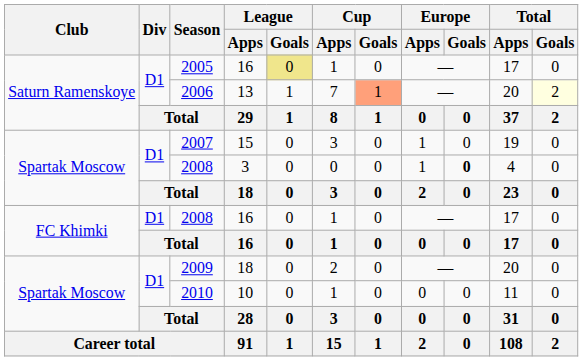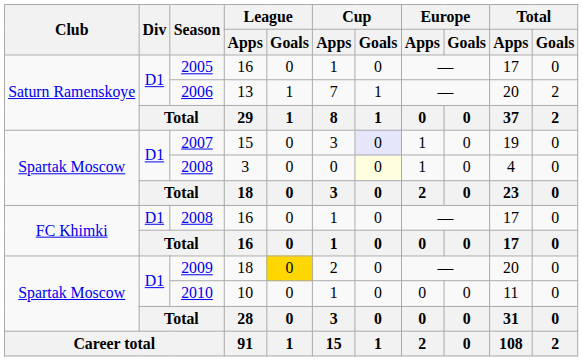 <table class="wikitable" style="text-align: center;">
 <tr>
 <th rowspan="2">Club</th>
 <th rowspan="2">Div</th>
 <th rowspan="2">Season</th>
 <th colspan="2">League</th>
 <th colspan="2">Cup</th>
 <th colspan="2">Europe</th>
 <th colspan="2">Total</th>
 </tr>
 <tr>
 <th>Apps</th>
 <th>Goals</th>
 <th>Apps</th>
 <th>Goals</th>
 <th>Apps</th>
 <th>Goals</th>
 <th>Apps</th>
 <th>Goals</th>
 </tr>
 <tr>
 <td rowspan="3" valign="center"> <a href='#'>Saturn Ramenskoye</a></td>
 <td rowspan="2"><a href='#'>D1</a></td>
 <td><a href='#'>2005</a></td>
 <td>16</td>
-<td style="background: khaki;">0</td>
+<td>0</td>
 <td>1</td>
 <td>0</td>
 <td colspan="2">—</td>
 <td>17</td>
 <td>0</td>
 </tr>
 <tr>
 <td><a href='#'>2006</a></td>
 <td>13</td>
 <td>1</td>
 <td>7</td>
-<td style="background: lightsalmon;">1</td>
+<td>1</td>
 <td colspan="2">—</td>
 <td>20</td>
-<td style="background: lightyellow;">2</td>
+<td>2</td>
 </tr>
 <tr>
 <th colspan="2">Total</th>
 <th>29</th>
 <th>1</th>
 <th>8</th>
 <th>1</th>
 <th>0</th>
 <th>0</th>
 <th>37</th>
 <th>2</th>
 </tr>
 <tr>
 <td rowspan="3" valign="center"> <a href='#'>Spartak Moscow</a></td>
 <td rowspan="2"><a href='#'>D1</a></td>
 <td><a href='#'>2007</a></td>
 <td>15</td>
 <td>0</td>
 <td>3</td>
-<td>0</td>
+<td style="background: lavender;">0</td>
 <td>1</td>
 <td>0</td>
 <td>19</td>
 <td>0</td>
 </tr>
 <tr>
 <td><a href='#'>2008</a></td>
 <td>3</td>
 <td>0</td>
 <td>0</td>
+<td style="background: lightyellow;">0</td>
+<td>1</td>
 <td>0</td>
-<td>1</td>
-<td><strong>0</strong></td>
 <td>4</td>
 <td>0</td>
 </tr>
 <tr>
 <th colspan="2">Total</th>
 <th>18</th>
 <th>0</th>
 <th>3</th>
 <th>0</th>
 <th>2</th>
 <th>0</th>
 <th>23</th>
 <th>0</th>
 </tr>
 <tr>
 <td rowspan="2" valign="center"> <a href='#'>FC Khimki</a></td>
 <td rowspan="1"><a href='#'>D1</a></td>
 <td><a href='#'>2008</a></td>
 <td>16</td>
 <td>0</td>
 <td>1</td>
 <td>0</td>
 <td colspan=2>—</td>
 <td>17</td>
 <td>0</td>
 </tr>
 <tr>
 <th colspan="2">Total</th>
 <th>16</th>
 <th>0</th>
 <th>1</th>
 <th>0</th>
 <th>0</th>
 <th>0</th>
 <th>17</th>
 <th>0</th>
 </tr>
 <tr>
 <td rowspan="3" valign="center"> <a href='#'>Spartak Moscow</a></td>
 <td rowspan="2"><a href='#'>D1</a></td>
 <td><a href='#'>2009</a></td>
 <td>18</td>
-<td>0</td>
+<td style="background: gold;">0</td>
 <td>2</td>
 <td>0</td>
 <td colspan=2>—</td>
 <td>20</td>
 <td>0</td>
 </tr>
 <tr>
 <td><a href='#'>2010</a></td>
 <td>10</td>
 <td>0</td>
 <td>1</td>
 <td>0</td>
 <td>0</td>
 <td>0</td>
 <td>11</td>
 <td>0</td>
 </tr>
 <tr>
 <th colspan="2">Total</th>
 <th>28</th>
 <th>0</th>
 <th>3</th>
 <th>0</th>
 <th>0</th>
 <th>0</th>
 <th>31</th>
 <th>0</th>
 </tr>
 <tr>
 <th colspan="3">Career total</th>
 <th>91</th>
 <th>1</th>
 <th>15</th>
 <th>1</th>
 <th>2</th>
 <th>0</th>
 <th>108</th>
 <th>2</th>
 </tr>
 </table>
